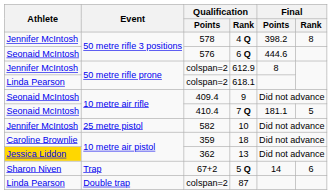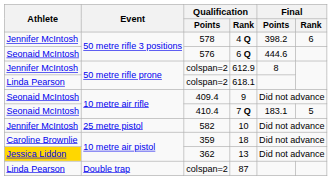 <table class="wikitable" style="font-size:90%">
 <tr>
 <th rowspan=2>Athlete</th>
 <th rowspan=2>Event</th>
 <th colspan=2>Qualification</th>
 <th colspan=2>Final</th>
 </tr>
 <tr style="font-size:95%">
 <th>Points</th>
 <th>Rank</th>
 <th>Points</th>
 <th>Rank</th>
 </tr>
 <tr align=center>
 <td align=left><a href='#'>Jennifer McIntosh</a></td>
 <td style="text-align:left;" rowspan="2"><a href='#'>50 metre rifle 3 positions</a></td>
 <td>578</td>
 <td>4 <strong>Q</strong></td>
 <td>398.2</td>
-<td>8</td>
+<td>6</td>
 </tr>
 <tr align=center>
 <td align=left><a href='#'>Seonaid McIntosh</a></td>
 <td>576</td>
 <td>6 <strong>Q</strong></td>
 <td>444.6</td>
 <td></td>
 </tr>
 <tr align=center>
 <td align=left><a href='#'>Jennifer McIntosh</a></td>
 <td style="text-align:left;" rowspan="2"><a href='#'>50 metre rifle prone</a></td>
 <td>colspan=2 </td>
 <td>612.9</td>
 <td>8</td>
 </tr>
 <tr align=center>
 <td align=left><a href='#'>Linda Pearson</a></td>
 <td>colspan=2 </td>
 <td>618.1</td>
 <td></td>
 </tr>
 <tr align=center>
 <td align=left><a href='#'>Seonaid McIntosh</a></td>
 <td style="text-align:left;" rowspan="2"><a href='#'>10 metre air rifle</a></td>
 <td>409.4</td>
 <td>9</td>
 <td colspan=2>Did not advance</td>
 </tr>
 <tr align=center>
 <td align=left><a href='#'>Seonaid McIntosh</a></td>
 <td>410.4</td>
 <td>7 <strong>Q</strong></td>
-<td>181.1</td>
+<td>183.1</td>
 <td>5</td>
 </tr>
 <tr align=center>
 <td align=left><a href='#'>Jennifer McIntosh</a></td>
 <td align=left><a href='#'>25 metre pistol</a></td>
 <td>582</td>
 <td>10</td>
 <td colspan=2>Did not advance</td>
 </tr>
 <tr align=center>
 <td align=left><a href='#'>Caroline Brownlie</a></td>
 <td style="text-align:left;" rowspan="2"><a href='#'>10 metre air pistol</a></td>
 <td>359</td>
 <td>18</td>
 <td colspan=2>Did not advance</td>
 </tr>
 <tr align=center>
 <td align=left style="background: gold;"><a href='#'>Jessica Liddon</a></td>
 <td>362</td>
 <td>13</td>
 <td colspan=2>Did not advance</td>
 </tr>
 <tr align=center>
-<td align=left><a href='#'>Sharon Niven</a></td>
-<td align=left><a href='#'>Trap</a></td>
-<td>67+2</td>
-<td>5 <strong>Q</strong></td>
-<td>14</td>
-<td>6</td>
-</tr>
-<tr align=center>
 <td align=left><a href='#'>Linda Pearson</a></td>
 <td align=left><a href='#'>Double trap</a></td>
 <td>colspan=2 </td>
 <td>87</td>
 <td></td>
 </tr>
 </table>
